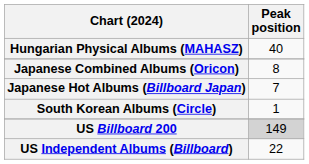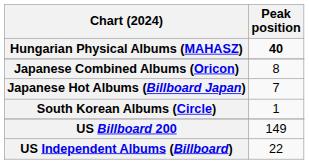 <table class="wikitable sortable plainrowheaders" style="text-align:center">
 <tr>
 <th scope="col">Chart (2024)</th>
 <th scope="col">Peak<br>position</th>
 </tr>
 <tr>
 <th scope="row">Hungarian Physical Albums (<a href='#'>MAHASZ</a>)</th>
-<td>40</td>
+<td><strong>40</strong></td>
 </tr>
 <tr>
 </tr>
 <tr>
 <th scope="row">Japanese Combined Albums (<a href='#'>Oricon</a>)</th>
 <td>8</td>
 </tr>
 <tr>
 <th scope="row">Japanese Hot Albums (<em><a href='#'>Billboard Japan</a></em>)</th>
 <td>7</td>
 </tr>
 <tr>
 <th scope="row">South Korean Albums (<a href='#'>Circle</a>)</th>
 <td>1</td>
 </tr>
 <tr>
 </tr>
 <tr>
 <th scope="row">US <a href='#'><em>Billboard</em> 200</a></th>
-<td style="background: lightgrey;">149</td>
+<td>149</td>
 </tr>
 <tr>
 <th scope="row">US <a href='#'>Independent Albums</a> (<em><a href='#'>Billboard</a></em>)</th>
 <td>22</td>
 </tr>
 </table>
